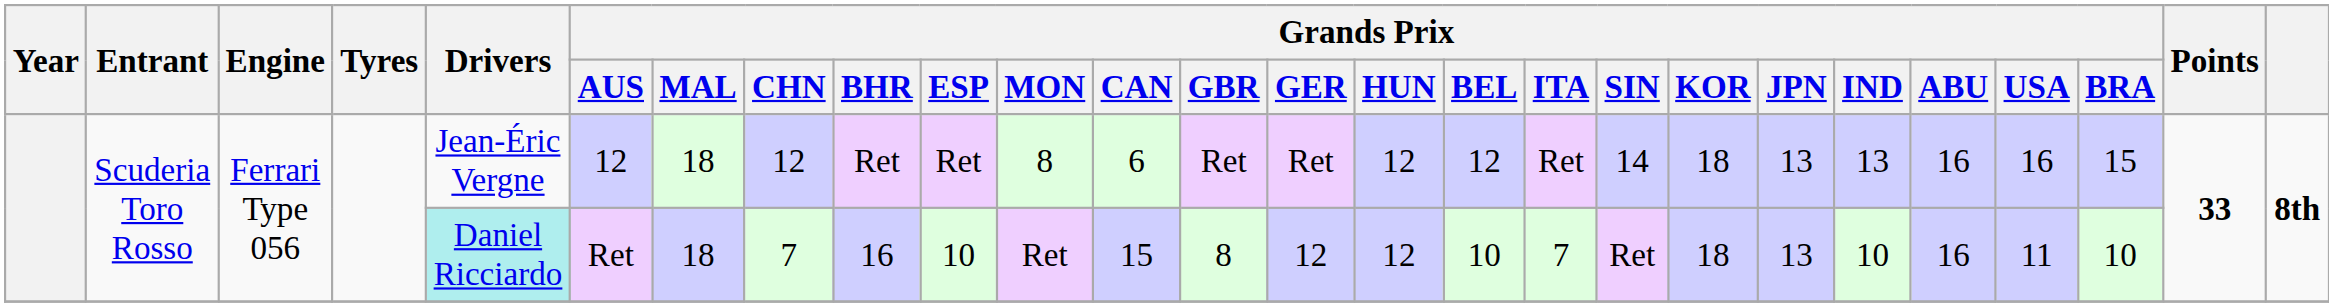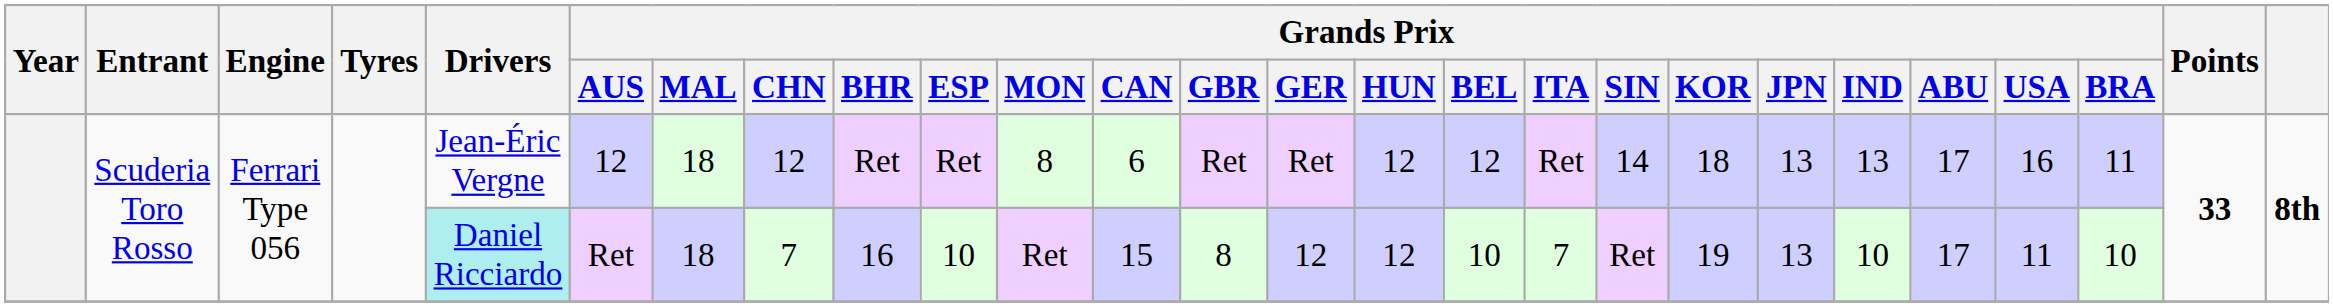 <table class="wikitable" style="text-align:center; font-size:95%">
 <tr>
 <th rowspan="2">Year</th>
 <th rowspan="2">Entrant</th>
 <th rowspan="2">Engine</th>
 <th rowspan="2">Tyres</th>
 <th rowspan="2">Drivers</th>
 <th colspan="19">Grands Prix</th>
 <th rowspan="2">Points</th>
 <th rowspan="2"></th>
 </tr>
 <tr>
 <th><a href='#'>AUS</a></th>
 <th><a href='#'>MAL</a></th>
 <th><a href='#'>CHN</a></th>
 <th><a href='#'>BHR</a></th>
 <th><a href='#'>ESP</a></th>
 <th><a href='#'>MON</a></th>
 <th><a href='#'>CAN</a></th>
 <th><a href='#'>GBR</a></th>
 <th><a href='#'>GER</a></th>
 <th><a href='#'>HUN</a></th>
 <th><a href='#'>BEL</a></th>
 <th><a href='#'>ITA</a></th>
 <th><a href='#'>SIN</a></th>
 <th><a href='#'>KOR</a></th>
 <th><a href='#'>JPN</a></th>
 <th><a href='#'>IND</a></th>
 <th><a href='#'>ABU</a></th>
 <th><a href='#'>USA</a></th>
 <th><a href='#'>BRA</a></th>
 </tr>
 <tr>
 <th rowspan=2></th>
 <td rowspan=2><a href='#'>Scuderia Toro Rosso</a></td>
 <td rowspan=2><a href='#'>Ferrari</a> Type 056</td>
 <td rowspan=2></td>
 <td align="center"> <a href='#'>Jean-Éric Vergne</a></td>
 <td style="background:#CFCFFF;">12</td>
 <td style="background:#dfffdf;">18</td>
 <td style="background:#CFCFFF;">12</td>
 <td style="background:#efcfff;">Ret</td>
 <td style="background:#efcfff;">Ret</td>
 <td style="background:#dfffdf;">8</td>
 <td style="background:#dfffdf;">6</td>
 <td style="background:#efcfff;">Ret</td>
 <td style="background:#efcfff;">Ret</td>
 <td style="background:#cfcfff;">12</td>
 <td style="background:#cfcfff;">12</td>
 <td style="background:#efcfff;">Ret</td>
 <td style="background:#cfcfff;">14</td>
 <td style="background:#cfcfff;">18</td>
 <td style="background:#cfcfff;">13</td>
 <td style="background:#cfcfff;">13</td>
+<td style="background:#cfcfff;">17</td>
 <td style="background:#cfcfff;">16</td>
-<td style="background:#cfcfff;">16</td>
-<td style="background:#cfcfff;">15</td>
+<td style="background:#cfcfff;">11</td>
 <td rowspan="2"><strong>33</strong></td>
 <td rowspan="2"><strong>8th</strong></td>
 </tr>
 <tr>
 <td align="center" style="background: paleturquoise;"> <a href='#'>Daniel Ricciardo</a></td>
 <td style="background:#efcfff;">Ret</td>
 <td style="background:#cfcfff;">18</td>
 <td style="background:#dfffdf;">7</td>
 <td style="background:#cfcfff;">16</td>
 <td style="background:#dfffdf;">10</td>
 <td style="background:#efcfff;">Ret</td>
 <td style="background:#cfcfff;">15</td>
 <td style="background:#dfffdf;">8</td>
 <td style="background:#cfcfff;">12</td>
 <td style="background:#cfcfff;">12</td>
 <td style="background:#dfffdf;">10</td>
 <td style="background:#dfffdf;">7</td>
 <td style="background:#efcfff;">Ret</td>
-<td style="background:#cfcfff;">18</td>
+<td style="background:#cfcfff;">19</td>
 <td style="background:#cfcfff;">13</td>
 <td style="background:#dfffdf;">10</td>
-<td style="background:#cfcfff;">16</td>
+<td style="background:#cfcfff;">17</td>
 <td style="background:#cfcfff;">11</td>
 <td style="background:#dfffdf;">10</td>
 </tr>
 <tr>
 </tr>
 </table>
